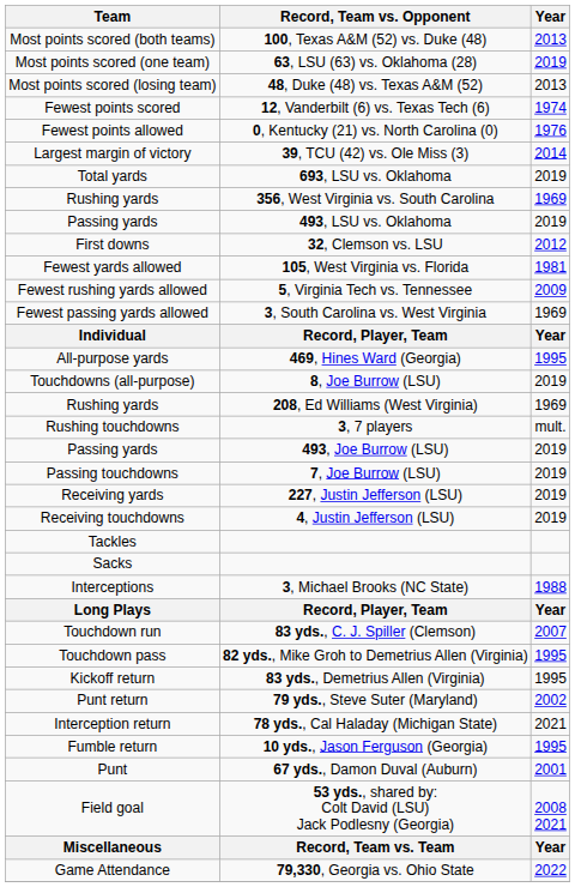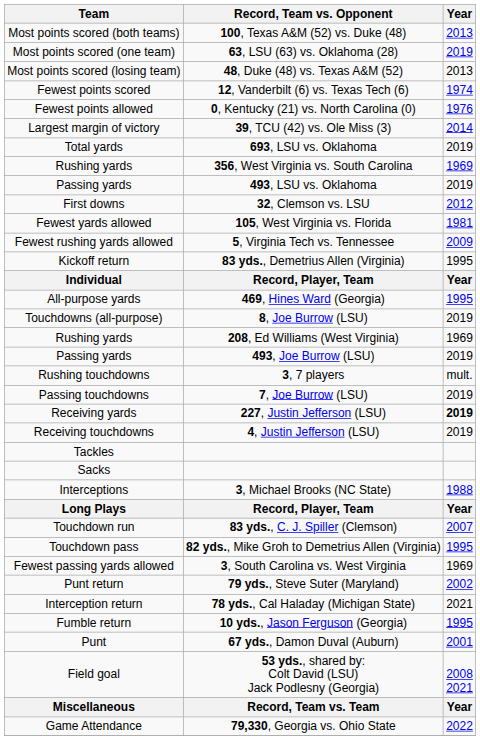 <table class="wikitable" style="text-align:center">
 <tr>
 <th>Team</th>
 <th>Record, Team vs. Opponent</th>
 <th>Year</th>
 </tr>
 <tr>
 <td>Most points scored (both teams)</td>
 <td><strong>100</strong>, Texas A&M (52) vs. Duke (48)</td>
 <td><a href='#'>2013</a></td>
 </tr>
 <tr>
 <td>Most points scored (one team)</td>
 <td><strong>63</strong>, LSU (63) vs. Oklahoma (28)</td>
 <td><a href='#'>2019</a></td>
 </tr>
 <tr>
 <td>Most points scored (losing team)</td>
 <td><strong>48</strong>, Duke (48) vs. Texas A&M (52)</td>
 <td>2013</td>
 </tr>
 <tr>
 <td>Fewest points scored</td>
 <td><strong>12</strong>, Vanderbilt (6) vs. Texas Tech (6)</td>
 <td><a href='#'>1974</a></td>
 </tr>
 <tr>
 <td>Fewest points allowed</td>
 <td><strong>0</strong>, Kentucky (21) vs. North Carolina (0)</td>
 <td><a href='#'>1976</a></td>
 </tr>
 <tr>
 <td>Largest margin of victory</td>
 <td><strong>39</strong>, TCU (42) vs. Ole Miss (3)</td>
 <td><a href='#'>2014</a></td>
 </tr>
 <tr>
 <td>Total yards</td>
 <td><strong>693</strong>, LSU vs. Oklahoma</td>
 <td>2019</td>
 </tr>
 <tr>
 <td>Rushing yards</td>
 <td><strong>356</strong>, West Virginia vs. South Carolina</td>
 <td><a href='#'>1969</a></td>
 </tr>
 <tr>
 <td>Passing yards</td>
 <td><strong>493</strong>, LSU vs. Oklahoma</td>
 <td>2019</td>
 </tr>
 <tr>
 <td>First downs</td>
 <td><strong>32</strong>, Clemson vs. LSU</td>
 <td><a href='#'>2012</a></td>
 </tr>
 <tr>
 <td>Fewest yards allowed</td>
 <td><strong>105</strong>, West Virginia vs. Florida</td>
 <td><a href='#'>1981</a></td>
 </tr>
 <tr>
 <td>Fewest rushing yards allowed</td>
 <td><strong>5</strong>, Virginia Tech vs. Tennessee</td>
 <td><a href='#'>2009</a></td>
 </tr>
 <tr>
-<td>Fewest passing yards allowed</td>
-<td><strong>3</strong>, South Carolina vs. West Virginia</td>
-<td>1969</td>
+<td>Kickoff return</td>
+<td><strong>83 yds.</strong>, Demetrius Allen (Virginia)</td>
+<td>1995</td>
 </tr>
 <tr>
 <th>Individual</th>
 <th>Record, Player, Team</th>
 <th>Year</th>
 </tr>
 <tr>
 <td>All-purpose yards</td>
 <td><strong>469</strong>, <a href='#'>Hines Ward</a> (Georgia)</td>
 <td><a href='#'>1995</a></td>
 </tr>
 <tr>
 <td>Touchdowns (all-purpose)</td>
 <td><strong>8</strong>, <a href='#'>Joe Burrow</a> (LSU)</td>
 <td>2019</td>
 </tr>
 <tr>
 <td>Rushing yards</td>
 <td><strong>208</strong>, Ed Williams (West Virginia)</td>
 <td>1969</td>
 </tr>
 <tr>
+<td>Passing yards</td>
+<td><strong>493</strong>, <a href='#'>Joe Burrow</a> (LSU)</td>
+<td>2019</td>
+</tr>
+<tr>
 <td>Rushing touchdowns</td>
 <td><strong>3</strong>, 7 players</td>
 <td>mult.</td>
-</tr>
-<tr>
-<td>Passing yards</td>
-<td><strong>493</strong>, <a href='#'>Joe Burrow</a> (LSU)</td>
-<td>2019</td>
 </tr>
 <tr>
 <td>Passing touchdowns</td>
 <td><strong>7</strong>, <a href='#'>Joe Burrow</a> (LSU)</td>
 <td>2019</td>
 </tr>
 <tr>
 <td>Receiving yards</td>
 <td><strong>227</strong>, <a href='#'>Justin Jefferson</a> (LSU)</td>
-<td>2019</td>
+<td><strong>2019</strong></td>
 </tr>
 <tr>
 <td>Receiving touchdowns</td>
 <td><strong>4</strong>, <a href='#'>Justin Jefferson</a> (LSU)</td>
 <td>2019</td>
 </tr>
 <tr>
 <td>Tackles</td>
 <td></td>
 <td></td>
 </tr>
 <tr>
 <td>Sacks</td>
 <td></td>
 <td></td>
 </tr>
 <tr>
 <td>Interceptions</td>
 <td><strong>3</strong>, Michael Brooks (NC State)</td>
 <td><a href='#'>1988</a></td>
 </tr>
 <tr>
 <th>Long Plays</th>
 <th>Record, Player, Team</th>
 <th>Year</th>
 </tr>
 <tr>
 <td>Touchdown run</td>
 <td><strong>83 yds.</strong>, <a href='#'>C. J. Spiller</a> (Clemson)</td>
 <td><a href='#'>2007</a></td>
 </tr>
 <tr>
 <td>Touchdown pass</td>
 <td><strong>82 yds.</strong>, Mike Groh to Demetrius Allen (Virginia)</td>
 <td><a href='#'>1995</a></td>
 </tr>
 <tr>
-<td>Kickoff return</td>
-<td><strong>83 yds.</strong>, Demetrius Allen (Virginia)</td>
-<td>1995</td>
+<td>Fewest passing yards allowed</td>
+<td><strong>3</strong>, South Carolina vs. West Virginia</td>
+<td>1969</td>
 </tr>
 <tr>
 <td>Punt return</td>
 <td><strong>79 yds.</strong>, Steve Suter (Maryland)</td>
 <td><a href='#'>2002</a></td>
 </tr>
 <tr>
 <td>Interception return</td>
 <td><strong>78 yds.</strong>, Cal Haladay (Michigan State)</td>
 <td>2021</td>
 </tr>
 <tr>
 <td>Fumble return</td>
 <td><strong>10 yds.</strong>, <a href='#'>Jason Ferguson</a> (Georgia)</td>
 <td><a href='#'>1995</a></td>
 </tr>
 <tr>
 <td>Punt</td>
 <td><strong>67 yds.</strong>, Damon Duval (Auburn)</td>
 <td><a href='#'>2001</a></td>
 </tr>
 <tr>
 <td>Field goal</td>
 <td><strong>53 yds.</strong>, shared by:<br>Colt David (LSU)<br>Jack Podlesny (Georgia)</td>
 <td><br><a href='#'>2008</a><br><a href='#'>2021</a></td>
 </tr>
 <tr>
 <th>Miscellaneous</th>
 <th>Record, Team vs. Team</th>
 <th>Year</th>
 </tr>
 <tr>
 <td>Game Attendance</td>
 <td><strong>79,330</strong>, Georgia vs. Ohio State</td>
 <td><a href='#'>2022</a></td>
 </tr>
 <tr>
 </tr>
 </table>
